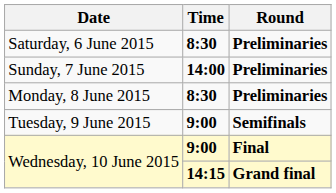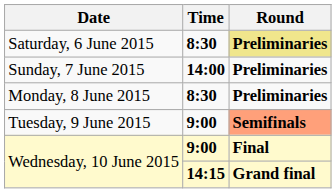 <table class="wikitable">
 <tr>
 <th>Date</th>
 <th>Time</th>
 <th>Round</th>
 </tr>
 <tr>
 <td>Saturday, 6 June 2015</td>
 <td><strong>8:30</strong></td>
-<td><strong>Preliminaries</strong></td>
+<td style="background: khaki;"><strong>Preliminaries</strong></td>
 </tr>
 <tr>
 <td>Sunday, 7 June 2015</td>
 <td><strong>14:00</strong></td>
 <td><strong>Preliminaries</strong></td>
 </tr>
 <tr>
 <td>Monday, 8 June 2015</td>
 <td><strong>8:30</strong></td>
 <td><strong>Preliminaries</strong></td>
 </tr>
 <tr>
 <td>Tuesday, 9 June 2015</td>
 <td><strong>9:00</strong></td>
-<td><strong>Semifinals</strong></td>
+<td style="background: lightsalmon;"><strong>Semifinals</strong></td>
 </tr>
 <tr style="background:lemonchiffon;">
 <td rowspan="2">Wednesday, 10 June 2015</td>
 <td><strong>9:00</strong></td>
 <td><strong>Final</strong></td>
 </tr>
 <tr style="background:lemonchiffon;">
 <td><strong>14:15</strong></td>
 <td><strong>Grand final</strong></td>
 </tr>
 </table>
